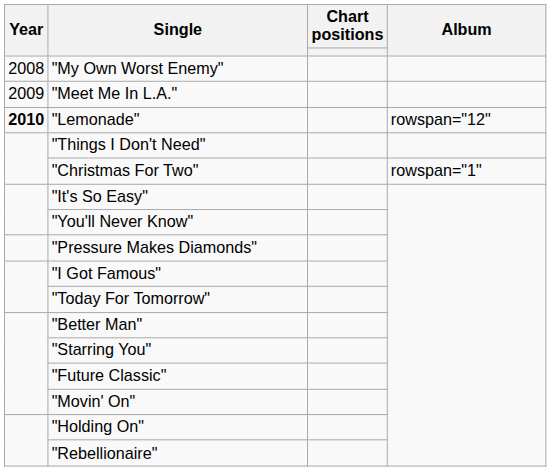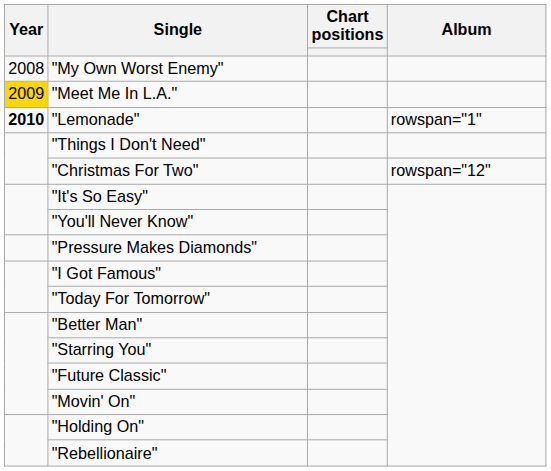 <table class="wikitable">
 <tr>
 <th style="width:30px;" rowspan="2">Year</th>
 <th rowspan="2" style="width:250px; text-align:center;">Single</th>
 <th style="text-align:center;">Chart positions</th>
 <th rowspan="2" style="width:150px; text-align:center;">Album</th>
 </tr>
 <tr>
 <th style="width:40px;"></th>
 </tr>
 <tr>
 <td>2008</td>
 <td>"My Own Worst Enemy"</td>
 <td></td>
 <td style="text-align:left;"></td>
 </tr>
 <tr>
-<td>2009</td>
+<td style="background: gold;">2009</td>
 <td>"Meet Me In L.A."</td>
 <td></td>
 <td style="text-align:left;"></td>
 </tr>
 <tr>
 <td><strong>2010</strong></td>
 <td>"Lemonade"</td>
 <td></td>
-<td>rowspan="12" </td>
+<td>rowspan="1" </td>
 </tr>
 <tr>
 <td style="text-align:left;" rowspan="2"></td>
 <td>"Things I Don't Need"</td>
 <td></td>
 <td style="text-align:left;"></td>
 </tr>
 <tr>
 <td>"Christmas For Two"</td>
 <td></td>
-<td>rowspan="1" </td>
+<td>rowspan="12" </td>
 </tr>
 <tr>
 <td style="text-align:left;" rowspan="2"></td>
 <td>"It's So Easy"</td>
 <td></td>
 </tr>
 <tr>
 <td>"You'll Never Know"</td>
 <td></td>
 </tr>
 <tr>
 <td style="text-align:left;"></td>
 <td>"Pressure Makes Diamonds"</td>
 <td></td>
 </tr>
 <tr>
 <td style="text-align:left;" rowspan="2"></td>
 <td>"I Got Famous"</td>
 <td></td>
 </tr>
 <tr>
 <td>"Today For Tomorrow"</td>
 <td></td>
 </tr>
 <tr>
 <td style="text-align:left;" rowspan="4"></td>
 <td>"Better Man"</td>
 <td></td>
 </tr>
 <tr>
 <td>"Starring You"</td>
 <td></td>
 </tr>
 <tr>
 <td>"Future Classic"</td>
 <td></td>
 </tr>
 <tr>
 <td>"Movin' On"</td>
 <td></td>
 </tr>
 <tr>
 <td style="text-align:left;" rowspan="2"></td>
 <td>"Holding On"</td>
 <td></td>
 </tr>
 <tr>
 <td>"Rebellionaire"</td>
 <td></td>
 </tr>
 </table>
